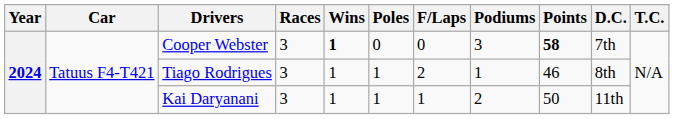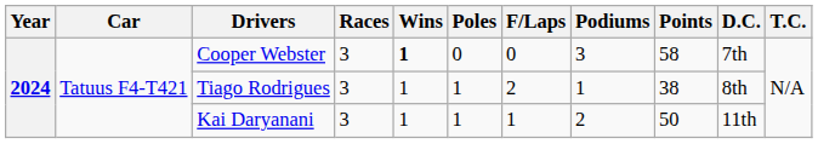 <table class="wikitable" style="font-size: 85%;">
 <tr>
 <th>Year</th>
 <th>Car</th>
 <th>Drivers</th>
 <th>Races</th>
 <th>Wins</th>
 <th>Poles</th>
 <th>F/Laps</th>
 <th>Podiums</th>
 <th>Points</th>
 <th>D.C.</th>
 <th>T.C.</th>
 </tr>
 <tr>
 <th rowspan="3"><a href='#'>2024</a></th>
 <td rowspan="3"><a href='#'>Tatuus F4-T421</a></td>
 <td> <a href='#'>Cooper Webster</a></td>
 <td>3</td>
 <td><strong>1</strong></td>
 <td>0</td>
 <td>0</td>
 <td>3</td>
-<td><strong>58</strong></td>
+<td>58</td>
 <td>7th</td>
 <td rowspan="3">N/A</td>
 </tr>
 <tr>
 <td> <a href='#'>Tiago Rodrigues</a></td>
 <td>3</td>
 <td>1</td>
 <td>1</td>
 <td>2</td>
 <td>1</td>
-<td>46</td>
+<td>38</td>
 <td>8th</td>
 </tr>
 <tr>
 <td> <a href='#'>Kai Daryanani</a></td>
 <td>3</td>
 <td>1</td>
 <td>1</td>
 <td>1</td>
 <td>2</td>
 <td>50</td>
 <td>11th</td>
 </tr>
 </table>
